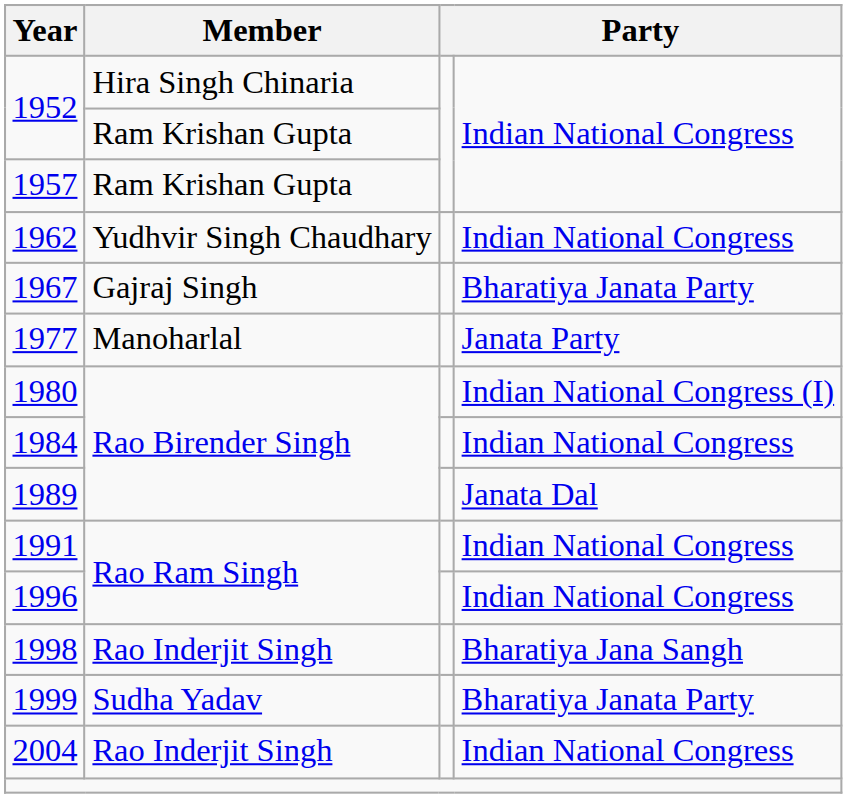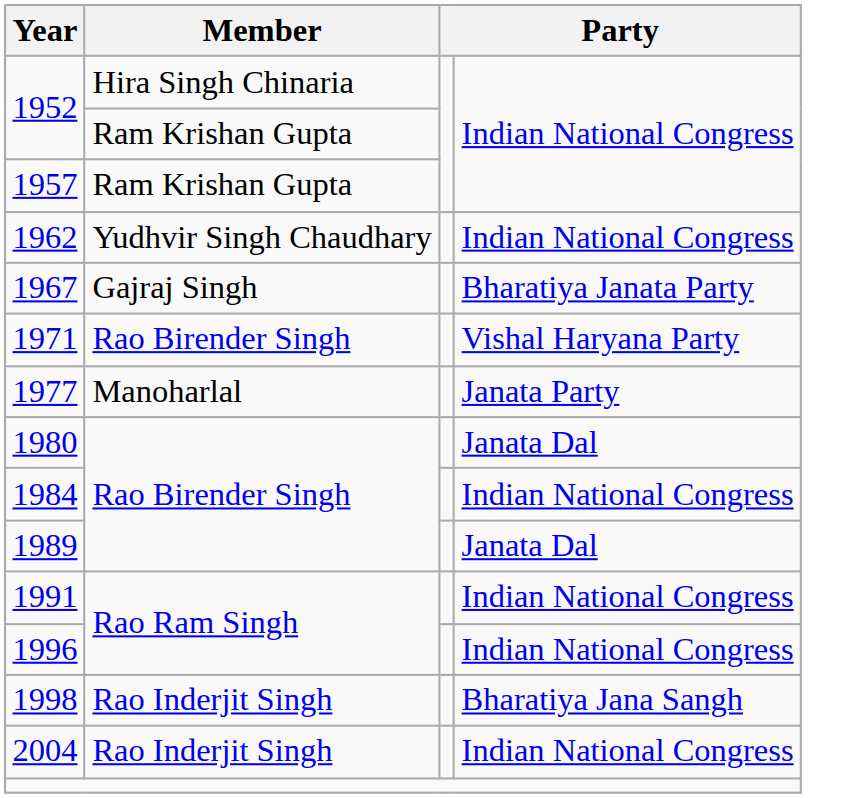 <table class="wikitable">
 <tr>
 <th>Year</th>
 <th>Member</th>
 <th colspan="2">Party</th>
 </tr>
 <tr>
 <td rowspan="2"><a href='#'>1952</a></td>
 <td>Hira Singh Chinaria</td>
 <td rowspan="3" style="background-color: "></td>
 <td rowspan="3"><a href='#'>Indian National Congress</a></td>
 </tr>
 <tr>
 <td>Ram Krishan Gupta</td>
 </tr>
 <tr>
 <td><a href='#'>1957</a></td>
 <td>Ram Krishan Gupta</td>
 </tr>
 <tr>
 <td><a href='#'>1962</a></td>
 <td>Yudhvir Singh Chaudhary</td>
 <td style="background-color: "></td>
 <td><a href='#'>Indian National Congress</a></td>
 </tr>
 <tr>
 <td><a href='#'>1967</a></td>
 <td>Gajraj Singh</td>
 <td style="background-color: "></td>
 <td><a href='#'>Bharatiya Janata Party</a></td>
 </tr>
 <tr>
+<td><a href='#'>1971</a></td>
+<td><a href='#'>Rao Birender Singh</a></td>
+<td style="background-color: "></td>
+<td><a href='#'>Vishal Haryana Party</a></td>
+</tr>
+<tr>
 <td><a href='#'>1977</a></td>
 <td>Manoharlal</td>
 <td style="background-color: "></td>
 <td><a href='#'>Janata Party</a></td>
 </tr>
 <tr>
 <td><a href='#'>1980</a></td>
 <td rowspan="3"><a href='#'>Rao Birender Singh</a></td>
 <td style="background-color: "></td>
-<td><a href='#'>Indian National Congress (I)</a></td>
+<td><a href='#'>Janata Dal</a></td>
 </tr>
 <tr>
 <td><a href='#'>1984</a></td>
 <td style="background-color: "></td>
 <td><a href='#'>Indian National Congress</a></td>
 </tr>
 <tr>
 <td><a href='#'>1989</a></td>
 <td style="background-color: "></td>
 <td><a href='#'>Janata Dal</a></td>
 </tr>
 <tr>
 <td><a href='#'>1991</a></td>
 <td rowspan="2"><a href='#'>Rao Ram Singh</a></td>
 <td style="background-color: "></td>
 <td><a href='#'>Indian National Congress</a></td>
 </tr>
 <tr>
 <td><a href='#'>1996</a></td>
 <td style="background-color: "></td>
 <td><a href='#'>Indian National Congress</a></td>
 </tr>
 <tr>
 <td><a href='#'>1998</a></td>
 <td><a href='#'>Rao Inderjit Singh</a></td>
 <td style="background-color: "></td>
 <td><a href='#'>Bharatiya Jana Sangh</a></td>
 </tr>
 <tr>
-<td><a href='#'>1999</a></td>
-<td><a href='#'>Sudha Yadav</a></td>
-<td style="background-color: "></td>
-<td><a href='#'>Bharatiya Janata Party</a></td>
-</tr>
-<tr>
 <td><a href='#'>2004</a></td>
 <td><a href='#'>Rao Inderjit Singh</a></td>
 <td style="background-color: "></td>
 <td><a href='#'>Indian National Congress</a></td>
 </tr>
 <tr>
 <td colspan="4"></td>
 </tr>
 </table>
